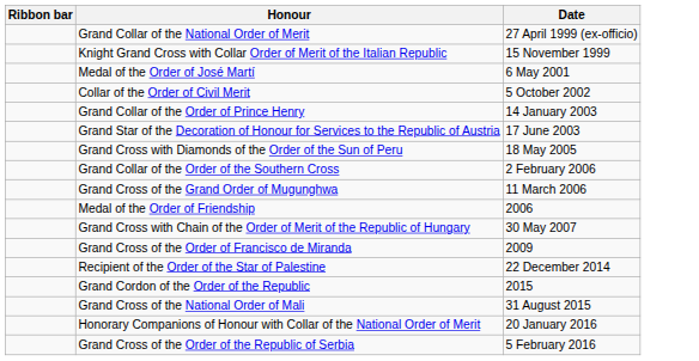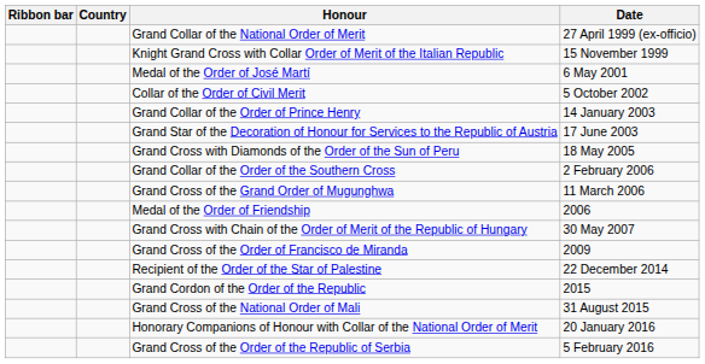 <table class="wikitable">
 <tr>
 <th style="text-align: center;">Ribbon bar</th>
+<th>Country</th>
 <th>Honour</th>
 <th>Date</th>
 </tr>
 <tr>
+<td></td>
 <td></td>
 <td>Grand Collar of the <a href='#'>National Order of Merit</a></td>
 <td>27 April 1999 (ex-officio)</td>
 </tr>
 <tr>
 <td></td>
+<td></td>
 <td>Knight Grand Cross with Collar <a href='#'>Order of Merit of the Italian Republic</a></td>
 <td>15 November 1999</td>
 </tr>
 <tr>
+<td></td>
 <td></td>
 <td>Medal of the <a href='#'>Order of José Martí</a></td>
 <td>6 May 2001</td>
 </tr>
 <tr>
 <td></td>
+<td></td>
 <td>Collar of the <a href='#'>Order of Civil Merit</a></td>
 <td>5 October 2002</td>
 </tr>
 <tr>
+<td></td>
 <td></td>
 <td>Grand Collar of the <a href='#'>Order of Prince Henry</a></td>
 <td>14 January 2003</td>
 </tr>
 <tr>
 <td></td>
+<td></td>
 <td>Grand Star of the <a href='#'>Decoration of Honour for Services to the Republic of Austria</a></td>
 <td>17 June 2003</td>
 </tr>
 <tr>
+<td></td>
 <td></td>
 <td>Grand Cross with Diamonds of the <a href='#'>Order of the Sun of Peru</a></td>
 <td>18 May 2005</td>
 </tr>
 <tr>
 <td></td>
+<td></td>
 <td>Grand Collar of the <a href='#'>Order of the Southern Cross</a></td>
 <td>2 February 2006</td>
 </tr>
 <tr>
+<td></td>
 <td></td>
 <td>Grand Cross of the <a href='#'>Grand Order of Mugunghwa</a></td>
 <td>11 March 2006</td>
 </tr>
 <tr>
 <td></td>
+<td></td>
 <td>Medal of the <a href='#'>Order of Friendship</a></td>
 <td>2006</td>
 </tr>
 <tr>
+<td></td>
 <td></td>
 <td>Grand Cross with Chain of the <a href='#'>Order of Merit of the Republic of Hungary</a></td>
 <td>30 May 2007</td>
 </tr>
 <tr>
 <td></td>
+<td></td>
 <td>Grand Cross of the <a href='#'>Order of Francisco de Miranda</a></td>
 <td>2009</td>
 </tr>
 <tr>
+<td></td>
 <td></td>
 <td>Recipient of the <a href='#'>Order of the Star of Palestine</a></td>
 <td>22 December 2014</td>
 </tr>
 <tr>
 <td></td>
+<td></td>
 <td>Grand Cordon of the <a href='#'>Order of the Republic</a></td>
 <td>2015</td>
 </tr>
 <tr>
+<td></td>
 <td></td>
 <td>Grand Cross of the <a href='#'>National Order of Mali</a></td>
 <td>31 August 2015</td>
 </tr>
 <tr>
 <td></td>
+<td></td>
 <td>Honorary Companions of Honour with Collar of the <a href='#'>National Order of Merit</a></td>
 <td>20 January 2016</td>
 </tr>
 <tr>
 <td></td>
+<td></td>
 <td>Grand Cross of the <a href='#'>Order of the Republic of Serbia</a></td>
 <td>5 February 2016</td>
 </tr>
 </table>
